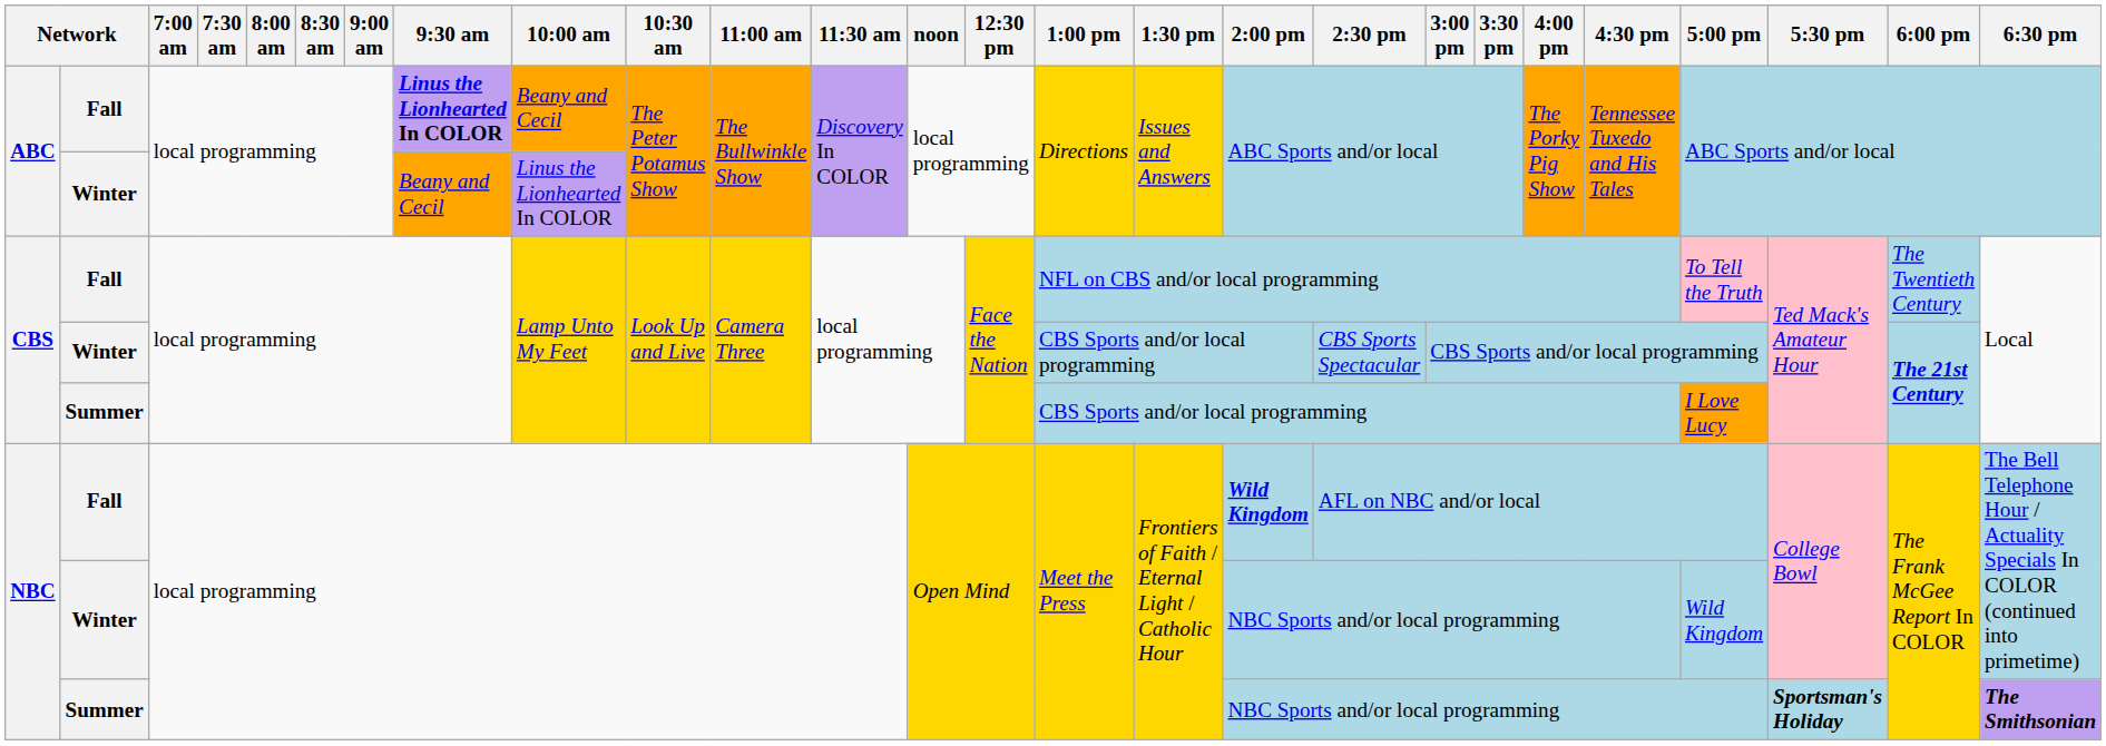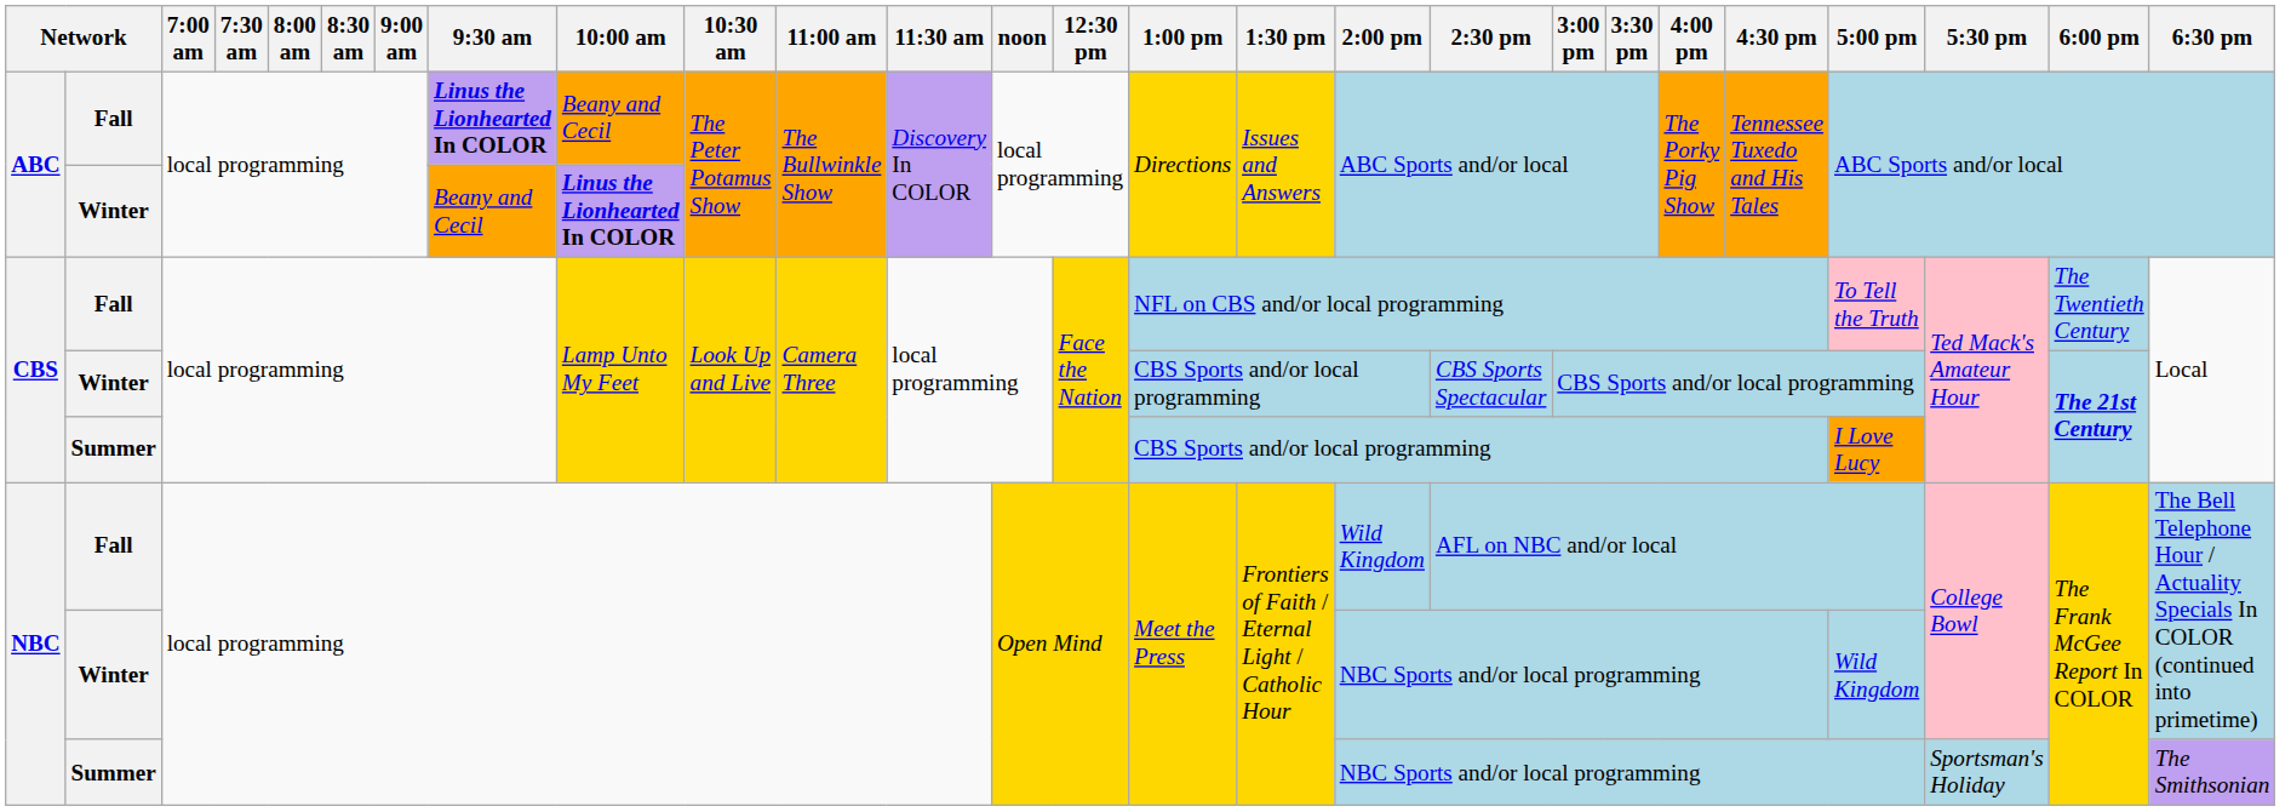 <table class=wikitable style="font-size:90%">
 <tr>
 <th width="1.5%" bgcolor="#C0C0C0" colspan="2">Network</th>
 <th width="13%" bgcolor="#C0C0C0">7:00 am</th>
 <th width="14%" bgcolor="#C0C0C0">7:30 am</th>
 <th width="13%" bgcolor="#C0C0C0">8:00 am</th>
 <th width="14%" bgcolor="#C0C0C0">8:30 am</th>
 <th width="13%" bgcolor="#C0C0C0">9:00 am</th>
 <th width="14%" bgcolor="#C0C0C0">9:30 am</th>
 <th width="13%" bgcolor="#C0C0C0">10:00 am</th>
 <th width="14%" bgcolor="#C0C0C0">10:30 am</th>
 <th width="13%" bgcolor="#C0C0C0">11:00 am</th>
 <th width="14%" bgcolor="#C0C0C0">11:30 am</th>
 <th width="13%" bgcolor="#C0C0C0">noon</th>
 <th width="14%" bgcolor="#C0C0C0">12:30 pm</th>
 <th width="13%" bgcolor="#C0C0C0">1:00 pm</th>
 <th width="14%" bgcolor="#C0C0C0">1:30 pm</th>
 <th width="13%" bgcolor="#C0C0C0">2:00 pm</th>
 <th width="14%" bgcolor="#C0C0C0">2:30 pm</th>
 <th width="13%" bgcolor="#C0C0C0">3:00 pm</th>
 <th width="14%" bgcolor="#C0C0C0">3:30 pm</th>
 <th width="13%" bgcolor="#C0C0C0">4:00 pm</th>
 <th width="14%" bgcolor="#C0C0C0">4:30 pm</th>
 <th width="13%" bgcolor="#C0C0C0">5:00 pm</th>
 <th width="14%" bgcolor="#C0C0C0">5:30 pm</th>
 <th width="13%" bgcolor="#C0C0C0">6:00 pm</th>
 <th width="14%" bgcolor="#C0C0C0">6:30 pm</th>
 </tr>
 <tr>
 <th bgcolor="#C0C0C0" rowspan=2><a href='#'>ABC</a></th>
 <th bgcolor=#C0C0C0>Fall</th>
 <td colspan="5"rowspan=2>local programming</td>
 <td bgcolor=bf9fef><strong><em><a href='#'>Linus the Lionhearted</a></em> In <span>C</span><span>O</span><span>L</span><span>O</span><span>R</span></strong></td>
 <td bgcolor=orange><em><a href='#'>Beany and Cecil</a></em> </td>
 <td bgcolor=orange rowspan=2><em><a href='#'>The Peter Potamus Show</a></em> </td>
 <td bgcolor=orange rowspan=2><em><a href='#'>The Bullwinkle Show</a></em> </td>
 <td bgcolor=bf9fef rowspan=2><em><a href='#'>Discovery</a></em> In <span>C</span><span>O</span><span>L</span><span>O</span><span>R</span></td>
 <td colspan="2" rowspan=2>local programming</td>
 <td bgcolor="gold" rowspan=2><em>Directions</em></td>
 <td bgcolor="gold" rowspan=2><em><a href='#'>Issues and Answers</a></em></td>
 <td bgcolor="lightblue" colspan=4 rowspan=2><a href='#'>ABC Sports</a> and/or local</td>
 <td bgcolor=orange rowspan=2><em><a href='#'>The Porky Pig Show</a></em> </td>
 <td bgcolor=orange rowspan=2><em><a href='#'>Tennessee Tuxedo and His Tales</a></em> </td>
 <td bgcolor="lightblue" colspan=4 rowspan=2><a href='#'>ABC Sports</a> and/or local</td>
 </tr>
 <tr>
 <th bgcolor=#C0C0C0>Winter</th>
 <td bgcolor="orange"><em><a href='#'>Beany and Cecil</a></em> </td>
-<td bgcolor=bf9fef><em><a href='#'>Linus the Lionhearted</a></em> In <span>C</span><span>O</span><span>L</span><span>O</span><span>R</span></td>
+<td bgcolor=bf9fef><strong><em><a href='#'>Linus the Lionhearted</a></em> In <span>C</span><span>O</span><span>L</span><span>O</span><span>R</span></strong></td>
 </tr>
 <tr>
 <th bgcolor="#C0C0C0" rowspan=3><a href='#'>CBS</a></th>
 <th bgcolor=#C0C0C0>Fall</th>
 <td colspan="6" rowspan=3>local programming</td>
 <td bgcolor=gold rowspan=3><em><a href='#'>Lamp Unto My Feet</a></em></td>
 <td bgcolor="gold" rowspan=3><em><a href='#'>Look Up and Live</a></em></td>
 <td bgcolor="gold" rowspan=3><em><a href='#'>Camera Three</a></em></td>
 <td colspan=2 rowspan=3>local programming</td>
 <td bgcolor="gold" rowspan=3><em><a href='#'>Face the Nation</a></em></td>
 <td bgcolor="lightblue" colspan=8><a href='#'>NFL on CBS</a> and/or local programming</td>
 <td bgcolor="pink"><em><a href='#'>To Tell the Truth</a></em></td>
 <td bgcolor="pink" rowspan=3><em><a href='#'>Ted Mack's Amateur Hour</a></em></td>
 <td bgcolor="lightblue"><em><a href='#'>The Twentieth Century</a></em></td>
 <td colspan=1 rowspan=3>Local</td>
 </tr>
 <tr>
 <th bgcolor=#C0C0C0>Winter</th>
 <td bgcolor="lightblue" colspan=3><a href='#'>CBS Sports</a> and/or local programming</td>
 <td bgcolor="lightblue"><em><a href='#'>CBS Sports Spectacular</a></em></td>
 <td bgcolor="lightblue" colspan=5><a href='#'>CBS Sports</a> and/or local programming</td>
 <td bgcolor="lightblue"rowspan=2><strong><em><a href='#'>The 21st Century</a></em></strong></td>
 </tr>
 <tr>
 <th bgcolor=#C0C0C0>Summer</th>
 <td bgcolor="lightblue" colspan=8><a href='#'>CBS Sports</a> and/or local programming</td>
 <td bgcolor="orange"><em><a href='#'>I Love Lucy</a></em> </td>
 </tr>
 <tr>
 <th bgcolor="#C0C0C0" rowspan=3><a href='#'>NBC</a></th>
 <th bgcolor=#C0C0C0>Fall</th>
 <td colspan="10" rowspan=3>local programming</td>
 <td bgcolor="gold" colspan="2" rowspan=3><em>Open Mind</em></td>
 <td bgcolor="gold" rowspan=3><em><a href='#'>Meet the Press</a></em></td>
 <td bgcolor="gold" rowspan=3><em>Frontiers of Faith</em> / <em>Eternal Light</em> / <em>Catholic Hour</em></td>
-<td bgcolor="lightblue"><strong><em><a href='#'>Wild Kingdom</a></em></strong></td>
+<td bgcolor="lightblue"><em><a href='#'>Wild Kingdom</a></em></td>
 <td bgcolor=lightblue colspan=6><a href='#'>AFL on NBC</a> and/or local</td>
 <td bgcolor="pink" rowspan=2><em><a href='#'>College Bowl</a></em></td>
 <td bgcolor=gold rowspan=3><em>The Frank McGee Report</em> In <span>C</span><span>O</span><span>L</span><span>O</span><span>R</span></td>
 <td bgcolor=lightblue rowspan=2><a href='#'>The Bell Telephone Hour</a> / <a href='#'>Actuality Specials</a> In <span>C</span><span>O</span><span>L</span><span>O</span><span>R</span> (continued into primetime)</td>
 </tr>
 <tr>
 <th bgcolor=#C0C0C0>Winter</th>
 <td bgcolor="lightblue" colspan=6><a href='#'>NBC Sports</a> and/or local programming</td>
 <td bgcolor="lightblue"><em><a href='#'>Wild Kingdom</a></em></td>
 </tr>
 <tr>
 <th bgcolor=#C0C0C0>Summer</th>
 <td bgcolor="lightblue" colspan=7><a href='#'>NBC Sports</a> and/or local programming</td>
-<td bgcolor=lightblue><strong><em>Sportsman's Holiday</em></strong></td>
-<td bgcolor="bf9fef"><strong><em>The Smithsonian</em></strong></td>
+<td bgcolor=lightblue><em>Sportsman's Holiday</em></td>
+<td bgcolor="bf9fef"><em>The Smithsonian</em></td>
 </tr>
 </table>
